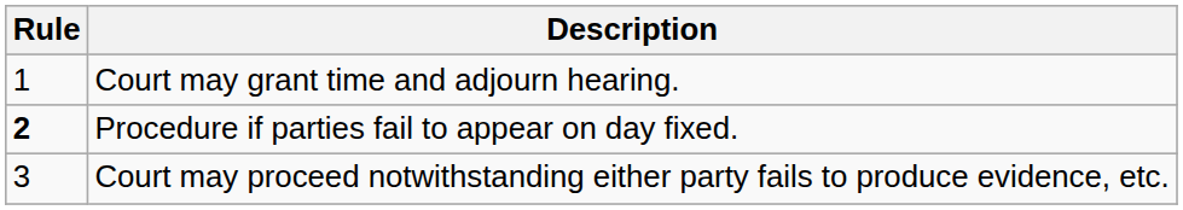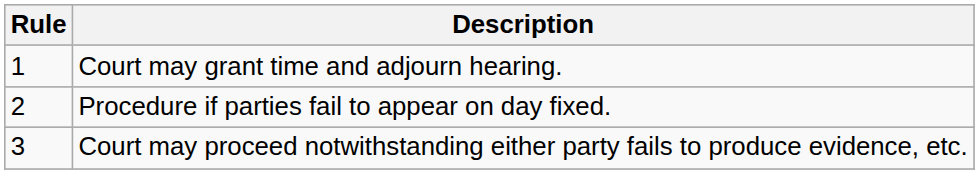 <table class="wikitable">
 <tr>
 <th>Rule</th>
 <th>Description</th>
 </tr>
 <tr>
 <td>1</td>
 <td>Court may grant time and adjourn hearing.</td>
 </tr>
 <tr>
-<td><strong>2</strong></td>
+<td>2</td>
 <td>Procedure if parties fail to appear on day fixed.</td>
 </tr>
 <tr>
 <td>3</td>
 <td>Court may proceed notwithstanding either party fails to produce evidence, etc.</td>
 </tr>
 </table>
